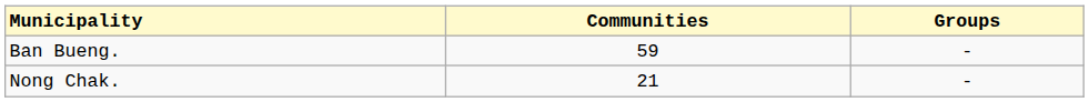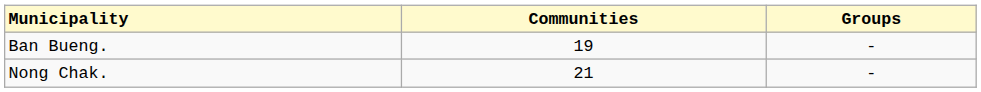 <table class="wikitable" style="width:48%; display:inline-table;">
 <tr>
 <td style= "background: #fffacd;"><strong>Municipality</strong></td>
 <td style= "background: #fffacd; text-align:center;"><strong>Communities</strong></td>
 <td style= "background: #fffacd; text-align:center;"><strong>Groups</strong></td>
 </tr>
 <tr>
 <td>Ban Bueng.</td>
-<td style= "text-align:center;">59</td>
+<td style= "text-align:center;">19</td>
 <td style= "text-align:center;">-</td>
 </tr>
 <tr>
 <td>Nong Chak.</td>
 <td style="text-align:center;">21</td>
 <td style="text-align:center;">-</td>
 </tr>
 </table>
